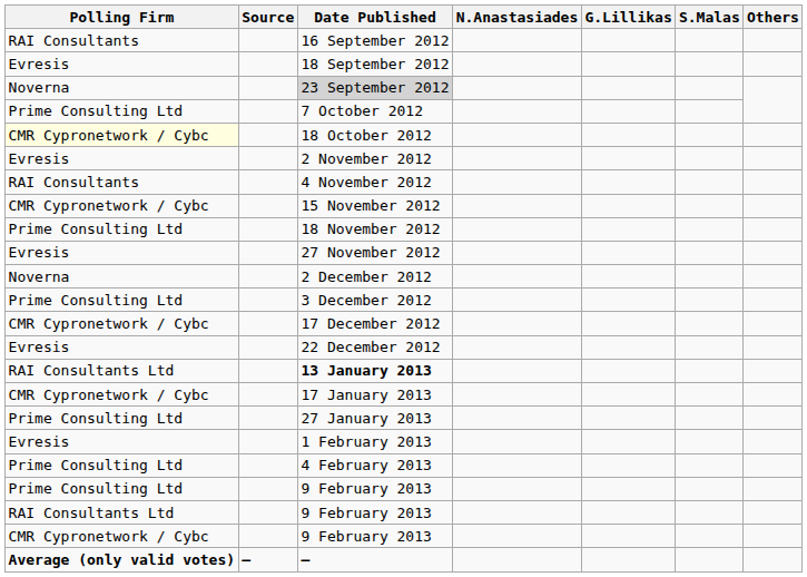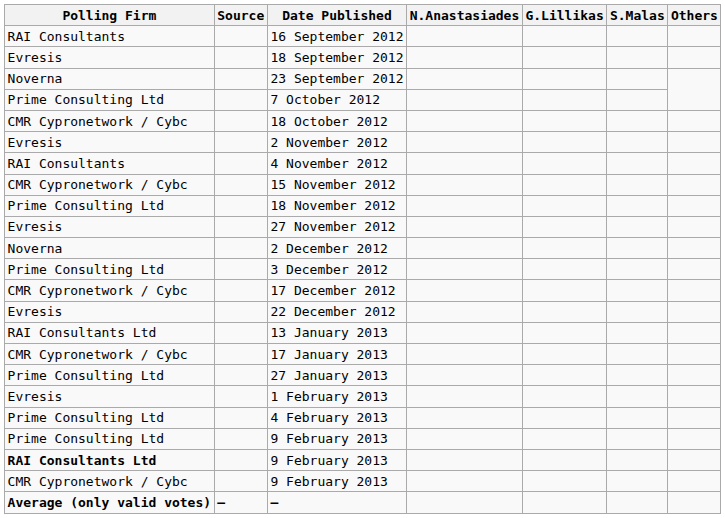 <table class="wikitable">
 <tr style="background:#e9e9e9;">
 <th>Polling Firm</th>
 <th>Source</th>
 <th>Date Published</th>
 <th>N.Anastasiades</th>
 <th>G.Lillikas</th>
 <th>S.Malas</th>
 <th>Others</th>
 </tr>
 <tr>
 <td>RAI Consultants</td>
 <td><small></small></td>
 <td>16 September 2012</td>
 <td></td>
 <td></td>
 <td></td>
 <td></td>
 </tr>
 <tr>
 <td>Evresis</td>
 <td><small></small></td>
 <td>18 September 2012</td>
 <td></td>
 <td></td>
 <td></td>
 <td></td>
 </tr>
 <tr>
 <td>Noverna</td>
 <td><small></small></td>
-<td style="background: lightgrey;">23 September 2012</td>
+<td>23 September 2012</td>
 <td></td>
 <td></td>
 <td></td>
 </tr>
 <tr>
 <td>Prime Consulting Ltd</td>
 <td><small></small></td>
 <td>7 October 2012</td>
 <td></td>
 <td></td>
 <td></td>
 </tr>
 <tr>
-<td style="background: lightyellow;">CMR Cypronetwork / Cybc</td>
+<td>CMR Cypronetwork / Cybc</td>
 <td><small></small></td>
 <td>18 October 2012</td>
 <td></td>
 <td></td>
 <td></td>
 <td></td>
 </tr>
 <tr>
 <td>Evresis</td>
 <td><small></small></td>
 <td>2 November 2012</td>
 <td></td>
 <td></td>
 <td></td>
 <td></td>
 </tr>
 <tr>
 <td>RAI Consultants</td>
 <td><small></small></td>
 <td>4 November 2012</td>
 <td></td>
 <td></td>
 <td></td>
 <td></td>
 </tr>
 <tr>
 <td>CMR Cypronetwork / Cybc</td>
 <td><small></small></td>
 <td>15 November 2012</td>
 <td></td>
 <td></td>
 <td></td>
 <td></td>
 </tr>
 <tr>
 <td>Prime Consulting Ltd</td>
 <td><small></small></td>
 <td>18 November 2012</td>
 <td></td>
 <td></td>
 <td></td>
 <td></td>
 </tr>
 <tr>
 <td>Evresis</td>
 <td><small></small></td>
 <td>27 November 2012</td>
 <td></td>
 <td></td>
 <td></td>
 <td></td>
 </tr>
 <tr>
 <td>Noverna</td>
 <td><small> </small></td>
 <td>2 December 2012</td>
 <td></td>
 <td></td>
 <td></td>
 <td></td>
 </tr>
 <tr>
 <td>Prime Consulting Ltd</td>
 <td><small></small></td>
 <td>3 December 2012</td>
 <td></td>
 <td></td>
 <td></td>
 <td></td>
 </tr>
 <tr>
 <td>CMR Cypronetwork / Cybc</td>
 <td><small></small></td>
 <td>17 December 2012</td>
 <td></td>
 <td></td>
 <td></td>
 <td></td>
 </tr>
 <tr>
 <td>Evresis</td>
 <td><small></small></td>
 <td>22 December 2012</td>
 <td></td>
 <td></td>
 <td></td>
 <td></td>
 </tr>
 <tr>
 <td>RAI Consultants Ltd</td>
 <td><small></small></td>
-<td><strong>13 January 2013</strong></td>
+<td>13 January 2013</td>
 <td></td>
 <td></td>
 <td></td>
 <td></td>
 </tr>
 <tr>
 <td>CMR Cypronetwork / Cybc</td>
 <td><small></small></td>
 <td>17 January 2013</td>
 <td></td>
 <td></td>
 <td></td>
 <td></td>
 </tr>
 <tr>
 <td>Prime Consulting Ltd</td>
 <td><small></small></td>
 <td>27 January 2013</td>
 <td></td>
 <td></td>
 <td></td>
 <td></td>
 </tr>
 <tr>
 <td>Evresis</td>
 <td><small></small></td>
 <td>1 February 2013</td>
 <td></td>
 <td></td>
 <td></td>
 <td></td>
 </tr>
 <tr>
 <td>Prime Consulting Ltd</td>
 <td><small></small></td>
 <td>4 February 2013</td>
 <td></td>
 <td></td>
 <td></td>
 <td></td>
 </tr>
 <tr>
 <td>Prime Consulting Ltd</td>
 <td><small></small></td>
 <td>9 February 2013</td>
 <td></td>
 <td></td>
 <td></td>
 <td></td>
 </tr>
 <tr>
-<td>RAI Consultants Ltd</td>
+<td><strong>RAI Consultants Ltd</strong></td>
 <td><small></small></td>
 <td>9 February 2013</td>
 <td></td>
 <td></td>
 <td></td>
 <td></td>
 </tr>
 <tr>
 <td>CMR Cypronetwork / Cybc</td>
 <td><small></small></td>
 <td>9 February 2013</td>
 <td></td>
 <td></td>
 <td></td>
 <td></td>
 </tr>
 <tr>
 <td><strong>Average (only valid votes)</strong></td>
 <td><strong> – </strong></td>
 <td><strong> – </strong></td>
 <td></td>
 <td></td>
 <td></td>
 <td></td>
 </tr>
 </table>
